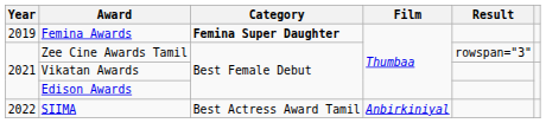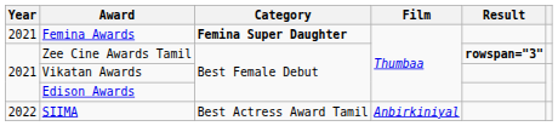 <table class="wikitable sortable">
 <tr>
 <th>Year</th>
 <th>Award</th>
 <th>Category</th>
 <th>Film</th>
 <th>Result</th>
 <th class="unsortable"></th>
 </tr>
 <tr>
-<td>2019</td>
+<td>2021</td>
 <td><a href='#'>Femina Awards</a></td>
 <td><strong>Femina Super Daughter</strong></td>
 <td rowspan="4"><em><a href='#'>Thumbaa</a></em></td>
 <td></td>
 <td></td>
 </tr>
 <tr>
 <td rowspan="3">2021</td>
 <td>Zee Cine Awards Tamil</td>
 <td rowspan="3">Best Female Debut</td>
-<td>rowspan="3" </td>
+<td><strong>rowspan="3" </strong></td>
 <td></td>
 </tr>
 <tr>
 <td>Vikatan Awards</td>
 <td></td>
 </tr>
 <tr>
 <td><a href='#'>Edison Awards</a></td>
 <td></td>
 </tr>
 <tr>
 <td rowspan="4">2022</td>
 <td><a href='#'>SIIMA</a></td>
 <td rowspan="4">Best Actress Award Tamil</td>
 <td rowspan="4"><em><a href='#'>Anbirkiniyal</a></em></td>
 <td></td>
 <td></td>
 </tr>
 </table>
